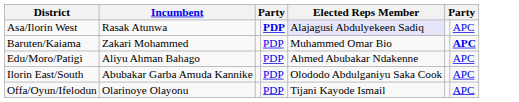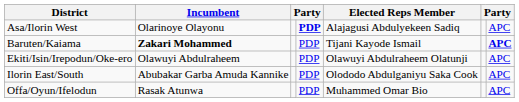 <table class="sortable wikitable" style="font-size:95%;line-height:14px;">
 <tr>
 <th class="unsortable">District</th>
 <th class="unsortable"><a href='#'>Incumbent</a></th>
 <th colspan="2">Party</th>
 <th class="unsortable">Elected Reps Member</th>
 <th colspan="2">Party</th>
 </tr>
 <tr>
 <td>Asa/Ilorin West</td>
-<td>Rasak Atunwa</td>
+<td>Olarinoye Olayonu</td>
 <td style="background-color:"></td>
 <td><strong><a href='#'>PDP</a></strong></td>
-<td style="background: lavender;">Alajagusi Abdulyekeen Sadiq</td>
+<td>Alajagusi Abdulyekeen Sadiq</td>
 <td style="background:"></td>
 <td><a href='#'>APC</a></td>
 </tr>
 <tr>
 <td>Baruten/Kaiama</td>
-<td>Zakari Mohammed</td>
+<td><strong>Zakari Mohammed</strong></td>
 <td style="background-color:"></td>
 <td><a href='#'>PDP</a></td>
-<td>Muhammed Omar Bio</td>
+<td>Tijani Kayode Ismail</td>
 <td style="background:"></td>
 <td><strong><a href='#'>APC</a></strong></td>
 </tr>
 <tr>
-<td>Edu/Moro/Patigi</td>
-<td>Aliyu Ahman Bahago</td>
+<td>Ekiti/Isin/Irepodun/Oke-ero</td>
+<td>Olawuyi Abdulraheem</td>
 <td style="background-color:"></td>
 <td><a href='#'>PDP</a></td>
-<td>Ahmed Abubakar Ndakenne</td>
+<td>Olawuyi Abdulraheem Olatunji</td>
 <td style="background:"></td>
 <td><a href='#'>APC</a></td>
 </tr>
 <tr>
 <td>Ilorin East/South</td>
 <td>Abubakar Garba Amuda Kannike</td>
 <td style="background-color:"></td>
 <td><a href='#'>PDP</a></td>
 <td>Olododo Abdulganiyu Saka Cook</td>
 <td style="background:"></td>
 <td><a href='#'>APC</a></td>
 </tr>
 <tr>
 <td>Offa/Oyun/Ifelodun</td>
-<td>Olarinoye Olayonu</td>
+<td>Rasak Atunwa</td>
 <td style="background-color:"></td>
 <td><a href='#'>PDP</a></td>
-<td>Tijani Kayode Ismail</td>
+<td>Muhammed Omar Bio</td>
 <td style="background:"></td>
 <td><a href='#'>APC</a></td>
 </tr>
 </table>
